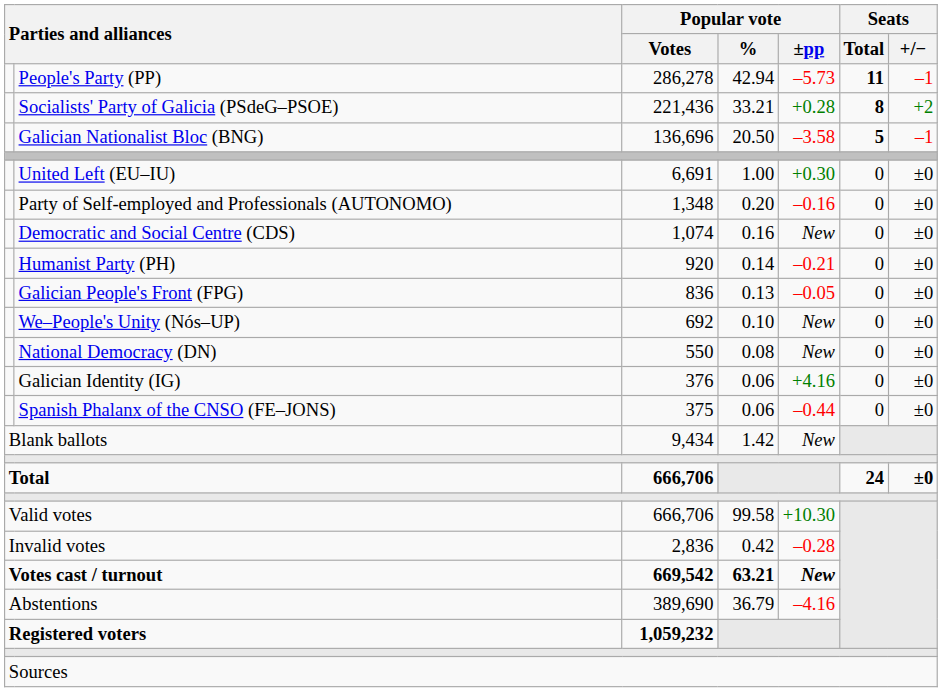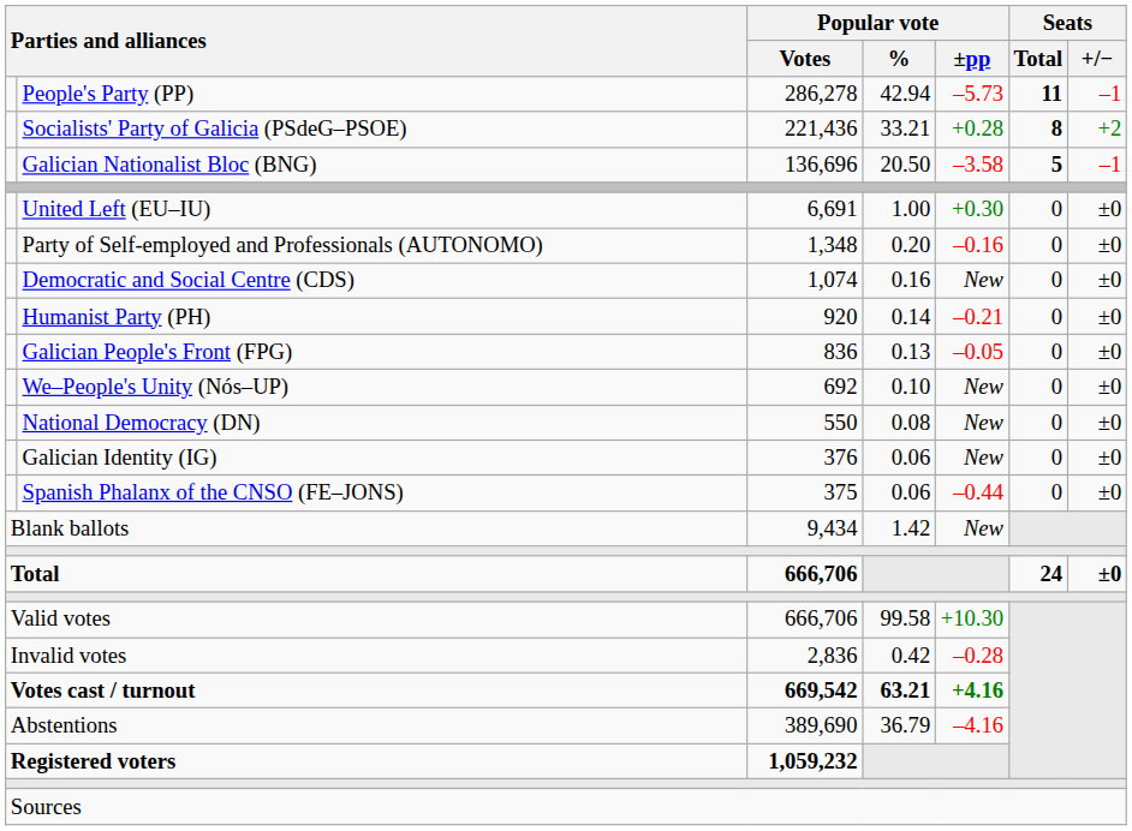 <table class="wikitable" style="text-align:right;">
 <tr>
 <th style="text-align:left;" rowspan="2" colspan="2" width="525">Parties and alliances</th>
 <th colspan="3">Popular vote</th>
 <th colspan="2">Seats</th>
 </tr>
 <tr>
 <th width="75">Votes</th>
 <th width="45">%</th>
 <th width="45">±<a href='#'>pp</a></th>
 <th width="35">Total</th>
 <th width="35">+/−</th>
 </tr>
 <tr>
 <td width="1" style="color:inherit;background:"></td>
 <td align="left"><a href='#'>People's Party</a> (PP)</td>
 <td>286,278</td>
 <td>42.94</td>
 <td style="color:red;">–5.73</td>
 <td><strong>11</strong></td>
 <td style="color:red;">–1</td>
 </tr>
 <tr>
 <td style="color:inherit;background:"></td>
 <td align="left"><a href='#'>Socialists' Party of Galicia</a> (PSdeG–PSOE)</td>
 <td>221,436</td>
 <td>33.21</td>
 <td style="color:green;">+0.28</td>
 <td><strong>8</strong></td>
 <td style="color:green;">+2</td>
 </tr>
 <tr>
 <td style="color:inherit;background:"></td>
 <td align="left"><a href='#'>Galician Nationalist Bloc</a> (BNG)</td>
 <td>136,696</td>
 <td>20.50</td>
 <td style="color:red;">–3.58</td>
 <td><strong>5</strong></td>
 <td style="color:red;">–1</td>
 </tr>
 <tr>
 <td colspan="7" bgcolor="#C0C0C0"></td>
 </tr>
 <tr>
 <td style="color:inherit;background:"></td>
 <td align="left"><a href='#'>United Left</a> (EU–IU)</td>
 <td>6,691</td>
 <td>1.00</td>
 <td style="color:green;">+0.30</td>
 <td>0</td>
 <td>±0</td>
 </tr>
 <tr>
 <td style="color:inherit;background:"></td>
 <td align="left">Party of Self-employed and Professionals (AUTONOMO)</td>
 <td>1,348</td>
 <td>0.20</td>
 <td style="color:red;">–0.16</td>
 <td>0</td>
 <td>±0</td>
 </tr>
 <tr>
 <td style="color:inherit;background:"></td>
 <td align="left"><a href='#'>Democratic and Social Centre</a> (CDS)</td>
 <td>1,074</td>
 <td>0.16</td>
 <td><em>New</em></td>
 <td>0</td>
 <td>±0</td>
 </tr>
 <tr>
 <td style="color:inherit;background:"></td>
 <td align="left"><a href='#'>Humanist Party</a> (PH)</td>
 <td>920</td>
 <td>0.14</td>
 <td style="color:red;">–0.21</td>
 <td>0</td>
 <td>±0</td>
 </tr>
 <tr>
 <td style="color:inherit;background:"></td>
 <td align="left"><a href='#'>Galician People's Front</a> (FPG)</td>
 <td>836</td>
 <td>0.13</td>
 <td style="color:red;">–0.05</td>
 <td>0</td>
 <td>±0</td>
 </tr>
 <tr>
 <td style="color:inherit;background:"></td>
 <td align="left"><a href='#'>We–People's Unity</a> (Nós–UP)</td>
 <td>692</td>
 <td>0.10</td>
 <td><em>New</em></td>
 <td>0</td>
 <td>±0</td>
 </tr>
 <tr>
 <td style="color:inherit;background:"></td>
 <td align="left"><a href='#'>National Democracy</a> (DN)</td>
 <td>550</td>
 <td>0.08</td>
 <td><em>New</em></td>
 <td>0</td>
 <td>±0</td>
 </tr>
 <tr>
 <td style="color:inherit;background:"></td>
 <td align="left">Galician Identity (IG)</td>
 <td>376</td>
 <td>0.06</td>
-<td style="color:green;">+4.16</td>
+<td><em>New</em></td>
 <td>0</td>
 <td>±0</td>
 </tr>
 <tr>
 <td style="color:inherit;background:"></td>
 <td align="left"><a href='#'>Spanish Phalanx of the CNSO</a> (FE–JONS)</td>
 <td>375</td>
 <td>0.06</td>
 <td style="color:red;">–0.44</td>
 <td>0</td>
 <td>±0</td>
 </tr>
 <tr>
 <td align="left" colspan="2">Blank ballots</td>
 <td>9,434</td>
 <td>1.42</td>
 <td><em>New</em></td>
 <td bgcolor="#E9E9E9" colspan="2"></td>
 </tr>
 <tr>
 <td colspan="7" bgcolor="#E9E9E9"></td>
 </tr>
 <tr style="font-weight:bold;">
 <td align="left" colspan="2">Total</td>
 <td>666,706</td>
 <td bgcolor="#E9E9E9" colspan="2"></td>
 <td>24</td>
 <td>±0</td>
 </tr>
 <tr>
 <td colspan="7" bgcolor="#E9E9E9"></td>
 </tr>
 <tr>
 <td align="left" colspan="2">Valid votes</td>
 <td>666,706</td>
 <td>99.58</td>
 <td style="color:green;">+10.30</td>
 <td bgcolor="#E9E9E9" colspan="7" rowspan="5"></td>
 </tr>
 <tr>
 <td align="left" colspan="2">Invalid votes</td>
 <td>2,836</td>
 <td>0.42</td>
 <td style="color:red;">–0.28</td>
 </tr>
 <tr style="font-weight:bold;">
 <td align="left" colspan="2">Votes cast / turnout</td>
 <td>669,542</td>
 <td>63.21</td>
-<td><em>New</em></td>
+<td style="color:green;">+4.16</td>
 </tr>
 <tr>
 <td align="left" colspan="2">Abstentions</td>
 <td>389,690</td>
 <td>36.79</td>
 <td style="color:red;">–4.16</td>
 </tr>
 <tr style="font-weight:bold;">
 <td align="left" colspan="2">Registered voters</td>
 <td>1,059,232</td>
 <td bgcolor="#E9E9E9" colspan="2"></td>
 </tr>
 <tr>
 <td colspan="7" bgcolor="#E9E9E9"></td>
 </tr>
 <tr>
 <td align="left" colspan="7">Sources</td>
 </tr>
 </table>
